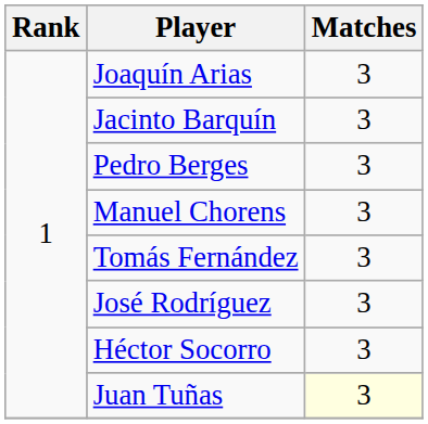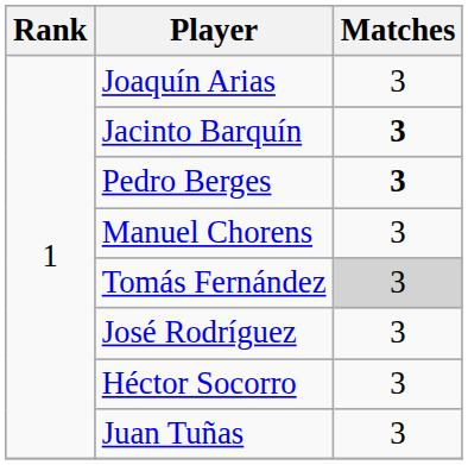 <table class="wikitable" style="text-align: left;">
 <tr>
 <th>Rank</th>
 <th>Player</th>
 <th>Matches</th>
 </tr>
 <tr>
 <td rowspan=8 align=center>1</td>
 <td><a href='#'>Joaquín Arias</a></td>
 <td align=center>3</td>
 </tr>
 <tr>
 <td><a href='#'>Jacinto Barquín</a></td>
-<td align=center>3</td>
+<td align=center><strong>3</strong></td>
 </tr>
 <tr>
 <td><a href='#'>Pedro Berges</a></td>
-<td align=center>3</td>
+<td align=center><strong>3</strong></td>
 </tr>
 <tr>
 <td><a href='#'>Manuel Chorens</a></td>
 <td align=center>3</td>
 </tr>
 <tr>
 <td><a href='#'>Tomás Fernández</a></td>
-<td align=center>3</td>
+<td align=center style="background: lightgrey;">3</td>
 </tr>
 <tr>
 <td><a href='#'>José Rodríguez</a></td>
 <td align=center>3</td>
 </tr>
 <tr>
 <td><a href='#'>Héctor Socorro</a></td>
 <td align=center>3</td>
 </tr>
 <tr>
 <td><a href='#'>Juan Tuñas</a></td>
-<td align=center style="background: lightyellow;">3</td>
+<td align=center>3</td>
 </tr>
 <tr>
 </tr>
 </table>
